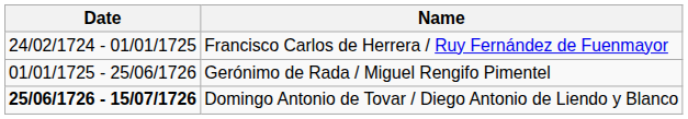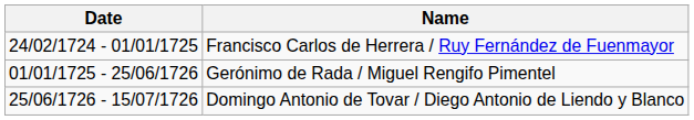 <table class=wikitable>
 <tr>
 <th>Date</th>
 <th>Name</th>
 </tr>
 <tr>
 <td>24/02/1724 - 01/01/1725</td>
 <td>Francisco Carlos de Herrera / <a href='#'>Ruy Fernández de Fuenmayor</a></td>
 </tr>
 <tr>
 <td>01/01/1725 - 25/06/1726</td>
 <td>Gerónimo de Rada / Miguel Rengifo Pimentel</td>
 </tr>
 <tr>
-<td><strong>25/06/1726 - 15/07/1726</strong></td>
+<td>25/06/1726 - 15/07/1726</td>
 <td>Domingo Antonio de Tovar / Diego Antonio de Liendo y Blanco</td>
 </tr>
 </table>
